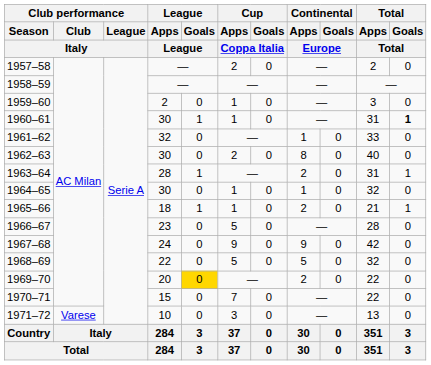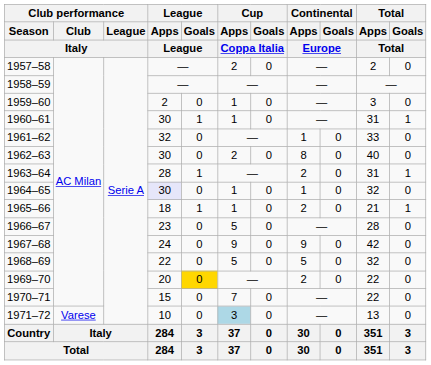 <table class="wikitable" style="text-align:center;">
 <tr>
 <th colspan=3>Club performance</th>
 <th colspan=2>League</th>
 <th colspan=2>Cup</th>
 <th colspan=2>Continental</th>
 <th colspan=2>Total</th>
 </tr>
 <tr>
 <th>Season</th>
 <th>Club</th>
 <th>League</th>
 <th>Apps</th>
 <th>Goals</th>
 <th>Apps</th>
 <th>Goals</th>
 <th>Apps</th>
 <th>Goals</th>
 <th>Apps</th>
 <th>Goals</th>
 </tr>
 <tr>
 <th colspan=3>Italy</th>
 <th colspan=2>League</th>
 <th colspan=2><a href='#'>Coppa Italia</a></th>
 <th colspan=2><a href='#'>Europe</a></th>
 <th colspan=2>Total</th>
 </tr>
 <tr>
 <td>1957–58</td>
 <td rowspan="14"><a href='#'>AC Milan</a></td>
 <td rowspan="15"><a href='#'>Serie A</a></td>
 <td colspan=2>—</td>
 <td>2</td>
 <td>0</td>
 <td colspan=2>—</td>
 <td>2</td>
 <td>0</td>
 </tr>
 <tr>
 <td>1958–59</td>
 <td colspan=2>—</td>
 <td colspan=2>—</td>
 <td colspan=2>—</td>
 <td colspan=2>—</td>
 </tr>
 <tr>
 <td>1959–60</td>
 <td>2</td>
 <td>0</td>
 <td>1</td>
 <td>0</td>
 <td colspan=2>—</td>
 <td>3</td>
 <td>0</td>
 </tr>
 <tr>
 <td>1960–61</td>
 <td>30</td>
 <td>1</td>
 <td>1</td>
 <td>0</td>
 <td colspan=2>—</td>
 <td>31</td>
-<td><strong>1</strong></td>
+<td>1</td>
 </tr>
 <tr>
 <td>1961–62</td>
 <td>32</td>
 <td>0</td>
 <td colspan=2>—</td>
 <td>1</td>
 <td>0</td>
 <td>33</td>
 <td>0</td>
 </tr>
 <tr>
 <td>1962–63</td>
 <td>30</td>
 <td>0</td>
 <td>2</td>
 <td>0</td>
 <td>8</td>
 <td>0</td>
 <td>40</td>
 <td>0</td>
 </tr>
 <tr>
 <td>1963–64</td>
 <td>28</td>
 <td>1</td>
 <td colspan=2>—</td>
 <td>2</td>
 <td>0</td>
 <td>31</td>
 <td>1</td>
 </tr>
 <tr>
 <td>1964–65</td>
-<td>30</td>
+<td style="background: lavender;">30</td>
 <td>0</td>
 <td>1</td>
 <td>0</td>
 <td>1</td>
 <td>0</td>
 <td>32</td>
 <td>0</td>
 </tr>
 <tr>
 <td>1965–66</td>
 <td>18</td>
 <td>1</td>
 <td>1</td>
 <td>0</td>
 <td>2</td>
 <td>0</td>
 <td>21</td>
 <td>1</td>
 </tr>
 <tr>
 <td>1966–67</td>
 <td>23</td>
 <td>0</td>
 <td>5</td>
 <td>0</td>
 <td colspan=2>—</td>
 <td>28</td>
 <td>0</td>
 </tr>
 <tr>
 <td>1967–68</td>
 <td>24</td>
 <td>0</td>
 <td>9</td>
 <td>0</td>
 <td>9</td>
 <td>0</td>
 <td>42</td>
 <td>0</td>
 </tr>
 <tr>
 <td>1968–69</td>
 <td>22</td>
 <td>0</td>
 <td>5</td>
 <td>0</td>
 <td>5</td>
 <td>0</td>
 <td>32</td>
 <td>0</td>
 </tr>
 <tr>
 <td>1969–70</td>
 <td>20</td>
 <td style="background: gold;">0</td>
 <td colspan=2>—</td>
 <td>2</td>
 <td>0</td>
 <td>22</td>
 <td>0</td>
 </tr>
 <tr>
 <td>1970–71</td>
 <td>15</td>
 <td>0</td>
 <td>7</td>
 <td>0</td>
 <td colspan=2>—</td>
 <td>22</td>
 <td>0</td>
 </tr>
 <tr>
 <td>1971–72</td>
 <td><a href='#'>Varese</a></td>
 <td>10</td>
 <td>0</td>
-<td>3</td>
+<td style="background: lightblue;">3</td>
 <td>0</td>
 <td colspan=2>—</td>
 <td>13</td>
 <td>0</td>
 </tr>
 <tr>
 <th rowspan=1>Country</th>
 <th colspan=2>Italy</th>
 <th>284</th>
 <th>3</th>
 <th>37</th>
 <th>0</th>
 <th>30</th>
 <th>0</th>
 <th>351</th>
 <th>3</th>
 </tr>
 <tr>
 <th colspan=3>Total</th>
 <th>284</th>
 <th>3</th>
 <th>37</th>
 <th>0</th>
 <th>30</th>
 <th>0</th>
 <th>351</th>
 <th>3</th>
 </tr>
 </table>
